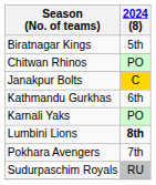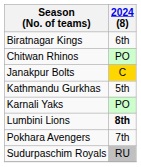 <table class="wikitable" style="text-align: center">
 <tr>
 <th>Season <br> (No. of teams)</th>
 <th><a href='#'>2024</a><br>(8)</th>
 </tr>
 <tr>
 <td align=left>Biratnagar Kings</td>
-<td>5th</td>
+<td>6th</td>
 </tr>
 <tr>
 <td align="left">Chitwan Rhinos</td>
 <td style="background: #cfc">PO</td>
 </tr>
 <tr>
 <td align="left">Janakpur Bolts</td>
 <td style="background: gold">C</td>
 </tr>
 <tr>
 <td align="left">Kathmandu Gurkhas</td>
-<td>6th</td>
+<td>5th</td>
 </tr>
 <tr>
 <td align="left">Karnali Yaks</td>
 <td style="background: #cfc">PO</td>
 </tr>
 <tr>
 <td align="left">Lumbini Lions</td>
 <td><strong>8th</strong></td>
 </tr>
 <tr>
 <td align="left">Pokhara Avengers</td>
 <td>7th</td>
 </tr>
 <tr>
 <td align="left">Sudurpaschim Royals</td>
 <td style="background: silver">RU</td>
 </tr>
 <tr>
 </tr>
 </table>
